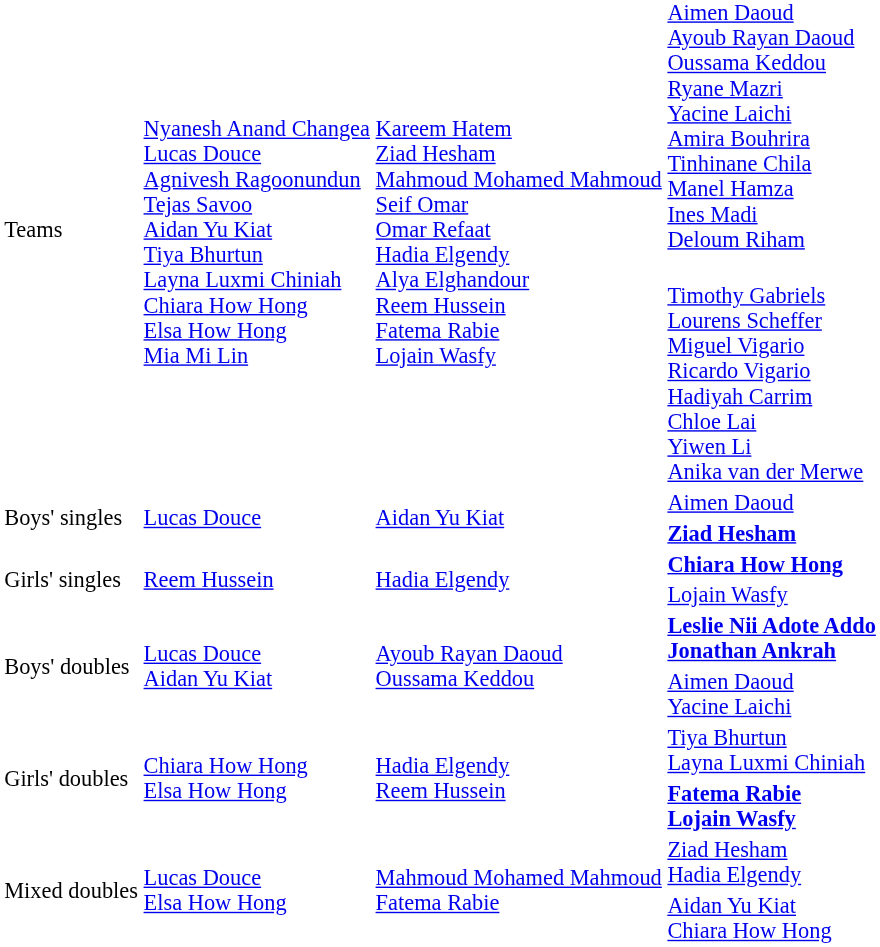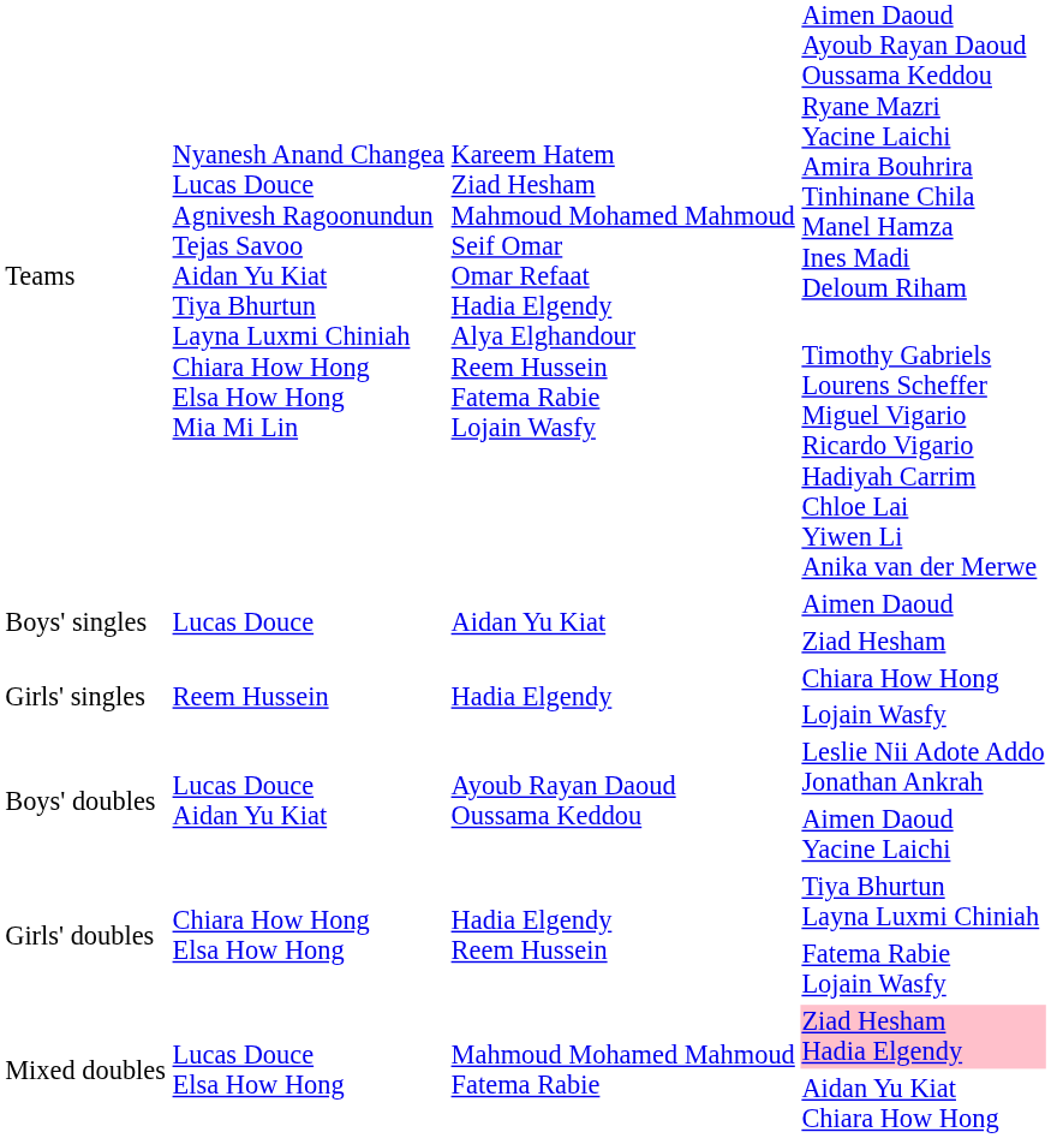 <table>
 <tr>
 <td rowspan=2>Teams</td>
 <td rowspan=2><br><a href='#'>Nyanesh Anand Changea</a><br><a href='#'>Lucas Douce</a><br><a href='#'>Agnivesh Ragoonundun</a><br><a href='#'>Tejas Savoo</a><br><a href='#'>Aidan Yu Kiat</a><br><a href='#'>Tiya Bhurtun</a><br><a href='#'>Layna Luxmi Chiniah</a><br><a href='#'>Chiara How Hong</a><br><a href='#'>Elsa How Hong</a><br><a href='#'>Mia Mi Lin</a></td>
 <td rowspan=2><br><a href='#'>Kareem Hatem</a><br><a href='#'>Ziad Hesham</a><br><a href='#'>Mahmoud Mohamed Mahmoud</a><br><a href='#'>Seif Omar</a><br><a href='#'>Omar Refaat</a><br><a href='#'>Hadia Elgendy</a><br><a href='#'>Alya Elghandour</a><br><a href='#'>Reem Hussein</a><br><a href='#'>Fatema Rabie</a><br><a href='#'>Lojain Wasfy</a></td>
 <td><br><a href='#'>Aimen Daoud</a><br><a href='#'>Ayoub Rayan Daoud</a><br><a href='#'>Oussama Keddou</a><br><a href='#'>Ryane Mazri</a><br><a href='#'>Yacine Laichi</a><br><a href='#'>Amira Bouhrira</a><br><a href='#'>Tinhinane Chila</a><br><a href='#'>Manel Hamza</a><br><a href='#'>Ines Madi</a><br><a href='#'>Deloum Riham</a></td>
 </tr>
 <tr>
 <td><br><a href='#'>Timothy Gabriels</a><br><a href='#'>Lourens Scheffer</a><br><a href='#'>Miguel Vigario</a><br><a href='#'>Ricardo Vigario</a><br><a href='#'>Hadiyah Carrim</a><br><a href='#'>Chloe Lai</a><br><a href='#'>Yiwen Li</a><br><a href='#'>Anika van der Merwe</a></td>
 </tr>
 <tr>
 <td rowspan=2>Boys' singles</td>
 <td rowspan=2> <a href='#'>Lucas Douce</a></td>
 <td rowspan=2> <a href='#'>Aidan Yu Kiat</a></td>
 <td> <a href='#'>Aimen Daoud</a></td>
 </tr>
 <tr>
-<td><strong> <a href='#'>Ziad Hesham</a></strong></td>
+<td> <a href='#'>Ziad Hesham</a></td>
 </tr>
 <tr>
 <td rowspan=2>Girls' singles</td>
 <td rowspan=2> <a href='#'>Reem Hussein</a></td>
 <td rowspan=2> <a href='#'>Hadia Elgendy</a></td>
-<td><strong> <a href='#'>Chiara How Hong</a></strong></td>
+<td> <a href='#'>Chiara How Hong</a></td>
 </tr>
 <tr>
 <td> <a href='#'>Lojain Wasfy</a></td>
 </tr>
 <tr>
 <td rowspan=2>Boys' doubles</td>
 <td rowspan=2> <a href='#'>Lucas Douce</a> <br> <a href='#'>Aidan Yu Kiat</a></td>
 <td rowspan=2> <a href='#'>Ayoub Rayan Daoud</a> <br> <a href='#'>Oussama Keddou</a></td>
-<td><strong> <a href='#'>Leslie Nii Adote Addo</a> <br> <a href='#'>Jonathan Ankrah</a></strong></td>
+<td> <a href='#'>Leslie Nii Adote Addo</a> <br> <a href='#'>Jonathan Ankrah</a></td>
 </tr>
 <tr>
 <td> <a href='#'>Aimen Daoud</a> <br> <a href='#'>Yacine Laichi</a></td>
 </tr>
 <tr>
 <td rowspan=2>Girls' doubles</td>
 <td rowspan=2> <a href='#'>Chiara How Hong</a> <br> <a href='#'>Elsa How Hong</a></td>
 <td rowspan=2> <a href='#'>Hadia Elgendy</a> <br> <a href='#'>Reem Hussein</a></td>
 <td> <a href='#'>Tiya Bhurtun</a> <br> <a href='#'>Layna Luxmi Chiniah</a></td>
 </tr>
 <tr>
-<td><strong> <a href='#'>Fatema Rabie</a> <br> <a href='#'>Lojain Wasfy</a></strong></td>
+<td> <a href='#'>Fatema Rabie</a> <br> <a href='#'>Lojain Wasfy</a></td>
 </tr>
 <tr>
 <td rowspan=2>Mixed doubles</td>
 <td rowspan=2> <a href='#'>Lucas Douce</a> <br> <a href='#'>Elsa How Hong</a></td>
 <td rowspan=2> <a href='#'>Mahmoud Mohamed Mahmoud</a> <br> <a href='#'>Fatema Rabie</a></td>
-<td> <a href='#'>Ziad Hesham</a> <br> <a href='#'>Hadia Elgendy</a></td>
+<td style="background: pink;"> <a href='#'>Ziad Hesham</a> <br> <a href='#'>Hadia Elgendy</a></td>
 </tr>
 <tr>
 <td> <a href='#'>Aidan Yu Kiat</a> <br> <a href='#'>Chiara How Hong</a></td>
 </tr>
 </table>
